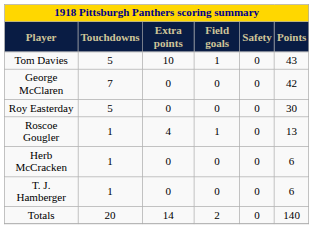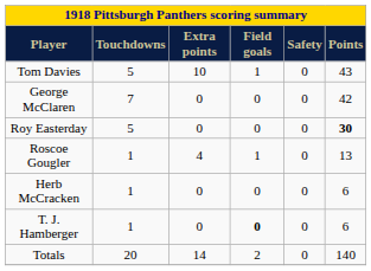 <table class="wikitable" width="35%">
 <tr>
 <th colspan="10" style="background:gold; color:darkblue; text-align: center;"><strong>1918 Pittsburgh Panthers scoring summary</strong></th>
 </tr>
 <tr align="center"  style="background:#091C44;color:#CEC499;">
 <td><strong>Player</strong></td>
 <td><strong>Touchdowns</strong></td>
 <td><strong>Extra points</strong></td>
 <td><strong>Field goals</strong></td>
 <td><strong>Safety</strong></td>
 <td><strong>Points</strong></td>
 </tr>
 <tr align="center" bgcolor="">
 <td>Tom Davies</td>
 <td>5</td>
 <td>10</td>
 <td>1</td>
 <td>0</td>
 <td>43</td>
 </tr>
 <tr align="center" bgcolor="">
 <td>George McClaren</td>
 <td>7</td>
 <td>0</td>
 <td>0</td>
 <td>0</td>
 <td>42</td>
 </tr>
 <tr align="center" bgcolor="">
 <td>Roy Easterday</td>
 <td>5</td>
 <td>0</td>
 <td>0</td>
 <td>0</td>
-<td>30</td>
+<td><strong>30</strong></td>
 </tr>
 <tr align="center" bgcolor="">
 <td>Roscoe Gougler</td>
 <td>1</td>
 <td>4</td>
 <td>1</td>
 <td>0</td>
 <td>13</td>
 </tr>
 <tr align="center" bgcolor="">
 <td>Herb McCracken</td>
 <td>1</td>
 <td>0</td>
 <td>0</td>
 <td>0</td>
 <td>6</td>
 </tr>
 <tr align="center" bgcolor="">
 <td>T. J. Hamberger</td>
 <td>1</td>
 <td>0</td>
-<td>0</td>
+<td><strong>0</strong></td>
 <td>0</td>
 <td>6</td>
 </tr>
 <tr align="center" bgcolor="">
 <td>Totals</td>
 <td>20</td>
 <td>14</td>
 <td>2</td>
 <td>0</td>
 <td>140</td>
 </tr>
 <tr align="center" bgcolor="">
 </tr>
 </table>
